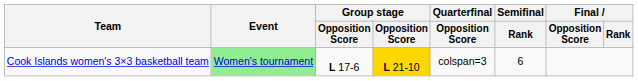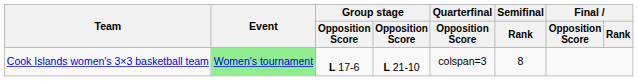 <table class="wikitable" style="text-align:center; font-size:90%">
 <tr>
 <th rowspan=2>Team</th>
 <th rowspan=2>Event</th>
 <th colspan=2>Group stage</th>
 <th>Quarterfinal</th>
 <th>Semifinal</th>
 <th colspan=2>Final / </th>
 </tr>
 <tr style="font-size:95%">
 <th>Opposition<br>Score</th>
 <th>Opposition<br>Score</th>
 <th>Opposition<br>Score</th>
 <th>Rank</th>
 <th>Opposition<br>Score</th>
 <th>Rank</th>
 </tr>
 <tr>
 <td align=left><a href='#'>Cook Islands women's 3×3 basketball team</a></td>
 <td align=left style="background: lightgreen;"><a href='#'>Women's tournament</a></td>
 <td><br><strong>L</strong> 17-6</td>
-<td style="background: gold;"><br><strong>L</strong> 21-10</td>
+<td><br><strong>L</strong> 21-10</td>
 <td>colspan=3 </td>
-<td>6</td>
+<td>8</td>
 </tr>
 </table>
